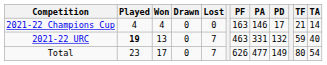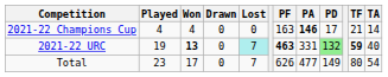 <table class="wikitable">
 <tr>
 <th>Competition</th>
 <th>Played</th>
 <th>Won</th>
 <th>Drawn</th>
 <th>Lost</th>
 <th rowspan="4"></th>
 <th>PF</th>
 <th>PA</th>
 <th>PD</th>
 <th rowspan="4"></th>
 <th>TF</th>
 <th>TA</th>
 </tr>
 <tr align=center>
 <td><a href='#'>2021-22 Champions Cup</a></td>
 <td>4</td>
 <td>4</td>
 <td>0</td>
 <td>0</td>
 <td>163</td>
-<td>146</td>
+<td><strong>146</strong></td>
 <td>17</td>
 <td>21</td>
 <td>14</td>
 </tr>
 <tr align=center>
 <td><a href='#'>2021-22 URC</a></td>
-<td><strong>19</strong></td>
-<td>13</td>
+<td>19</td>
+<td><strong>13</strong></td>
 <td>0</td>
-<td>7</td>
-<td>463</td>
+<td style="background: paleturquoise;">7</td>
+<td><strong>463</strong></td>
 <td>331</td>
-<td>132</td>
-<td>59</td>
+<td style="background: lightgreen;">132</td>
+<td><strong>59</strong></td>
 <td>40</td>
 </tr>
 <tr align=center>
 <td>Total</td>
 <td>23</td>
 <td>17</td>
 <td>0</td>
 <td>7</td>
 <td>626</td>
 <td>477</td>
 <td>149</td>
 <td>80</td>
 <td>54</td>
 </tr>
 </table>
